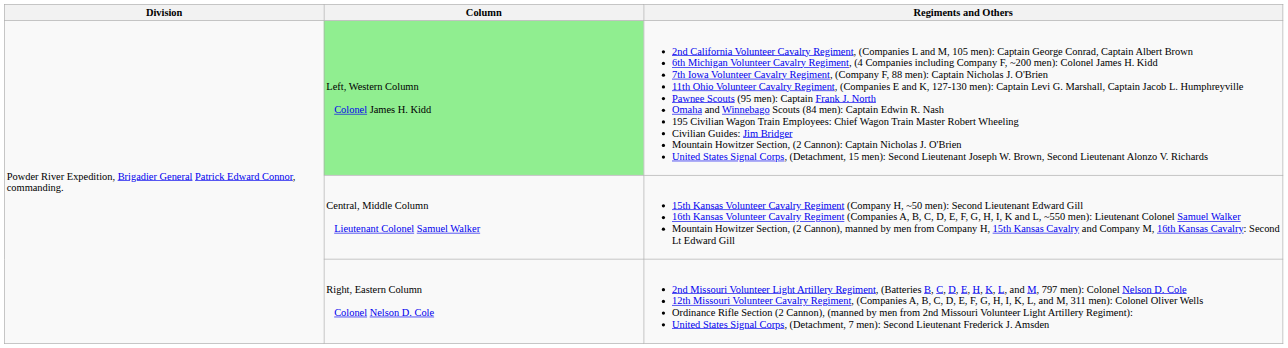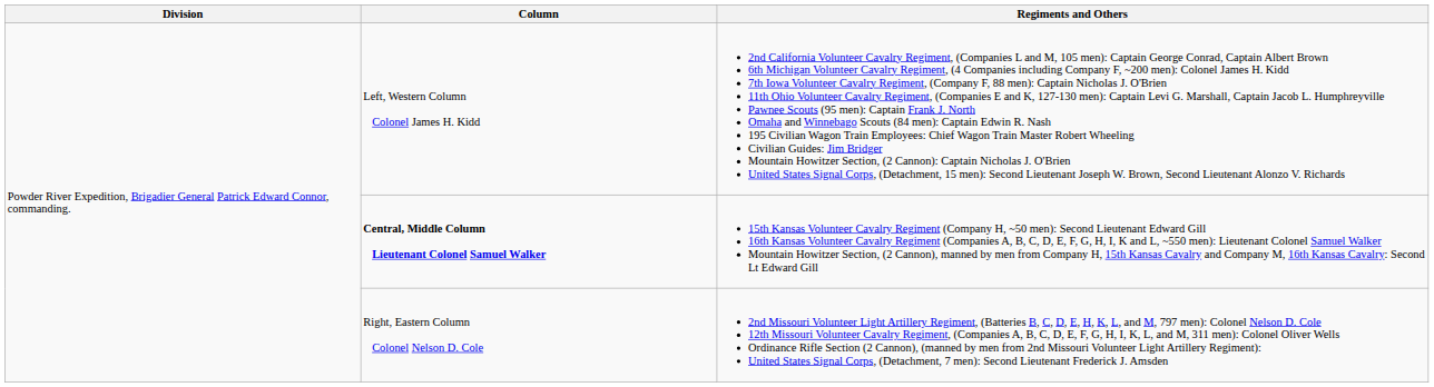 <table class="wikitable">
 <tr>
 <th style="width:25%;">Division</th>
 <th style="width:25%;">Column</th>
 <th>Regiments and Others</th>
 </tr>
 <tr>
 <td rowspan=4><br>Powder River Expedition, <a href='#'>Brigadier General</a> <a href='#'>Patrick Edward Connor</a>, commanding.<br>    </td>
-<td style="background: lightgreen;">Left, Western Column<br><br>   <a href='#'>Colonel</a> James H. Kidd</td>
+<td>Left, Western Column<br><br>   <a href='#'>Colonel</a> James H. Kidd</td>
 <td><br><ul><li><a href='#'>2nd California Volunteer Cavalry Regiment</a>, (Companies L and M, 105 men): Captain George Conrad, Captain Albert Brown</li><li><a href='#'>6th Michigan Volunteer Cavalry Regiment</a>, (4 Companies including Company F, ~200 men): Colonel James H. Kidd</li><li><a href='#'>7th Iowa Volunteer Cavalry Regiment</a>, (Company F, 88 men): Captain Nicholas J. O'Brien</li><li><a href='#'>11th Ohio Volunteer Cavalry Regiment</a>, (Companies E and K, 127-130 men): Captain Levi G. Marshall, Captain Jacob L. Humphreyville</li><li><a href='#'>Pawnee Scouts</a> (95 men): Captain <a href='#'>Frank J. North</a></li><li><a href='#'>Omaha</a> and <a href='#'>Winnebago</a> Scouts (84 men): Captain Edwin R. Nash</li><li>195 Civilian Wagon Train Employees: Chief Wagon Train Master Robert Wheeling</li><li>Civilian Guides: <a href='#'>Jim Bridger</a></li><li>Mountain Howitzer Section, (2 Cannon): Captain Nicholas J. O'Brien</li><li><a href='#'>United States Signal Corps</a>, (Detachment, 15 men): Second Lieutenant Joseph W. Brown, Second Lieutenant Alonzo V. Richards</li></ul></td>
 </tr>
 <tr>
-<td>Central, Middle Column<br><br>   <a href='#'>Lieutenant Colonel</a> <a href='#'>Samuel Walker</a></td>
+<td><strong>Central, Middle Column<br><br>   <a href='#'>Lieutenant Colonel</a> <a href='#'>Samuel Walker</a></strong></td>
 <td><br><ul><li><a href='#'>15th Kansas Volunteer Cavalry Regiment</a> (Company H, ~50 men): Second Lieutenant Edward Gill</li><li><a href='#'>16th Kansas Volunteer Cavalry Regiment</a> (Companies A, B, C, D, E, F, G, H, I, K and L, ~550 men): Lieutenant Colonel <a href='#'>Samuel Walker</a></li><li>Mountain Howitzer Section, (2 Cannon), manned by men from Company H, <a href='#'>15th Kansas Cavalry</a> and Company M, <a href='#'>16th Kansas Cavalry</a>: Second Lt Edward Gill</li></ul></td>
 </tr>
 <tr>
 <td>Right, Eastern Column<br><br>   <a href='#'>Colonel</a> <a href='#'>Nelson D. Cole</a></td>
 <td><br><ul><li><a href='#'>2nd Missouri Volunteer Light Artillery Regiment</a>, (Batteries <a href='#'>B</a>, <a href='#'>C</a>, <a href='#'>D</a>, <a href='#'>E</a>, <a href='#'>H</a>, <a href='#'>K</a>, <a href='#'>L</a>, and <a href='#'>M</a>, 797 men): Colonel <a href='#'>Nelson D. Cole</a></li><li><a href='#'>12th Missouri Volunteer Cavalry Regiment</a>, (Companies A, B, C, D, E, F, G, H, I, K, L, and M, 311 men): Colonel Oliver Wells</li><li>Ordinance Rifle Section (2 Cannon), (manned by men from 2nd Missouri Volunteer Light Artillery Regiment):</li><li><a href='#'>United States Signal Corps</a>, (Detachment, 7 men): Second Lieutenant Frederick J. Amsden</li></ul></td>
 </tr>
 </table>
